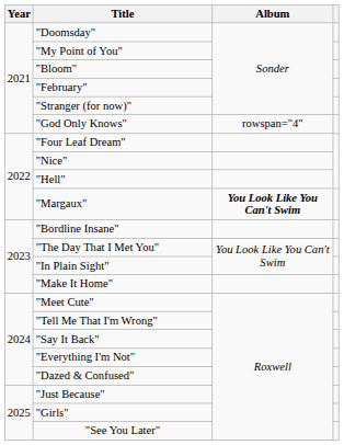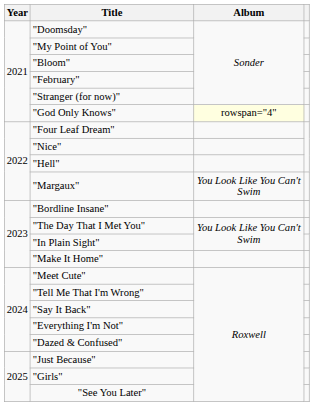 <table class="wikitable plainrowheaders" style="text-align:center;">
 <tr>
 <th scope="col" rowspan="1" style="width:1em;">Year</th>
 <th scope="col" rowspan="1" style="width:15em;">Title</th>
 <th scope="col" rowspan="1" style="width:10em;">Album</th>
 <th class="unsortable"></th>
 </tr>
 <tr>
 <td rowspan="6">2021</td>
 <td style="text-align:left;">"Doomsday"</td>
 <td rowspan="5"><em>Sonder</em></td>
 <td></td>
 </tr>
 <tr>
 <td style="text-align:left;">"My Point of You"</td>
 <td></td>
 </tr>
 <tr>
 <td style="text-align:left;">"Bloom"</td>
 <td></td>
 </tr>
 <tr>
 <td style="text-align:left;">"February"</td>
 <td></td>
 </tr>
 <tr>
 <td style="text-align:left;">"Stranger (for now)"</td>
 <td></td>
 </tr>
 <tr>
 <td style="text-align:left;">"God Only Knows"</td>
-<td>rowspan="4" </td>
+<td style="background: lightyellow;">rowspan="4" </td>
 <td></td>
 </tr>
 <tr>
 <td rowspan="4">2022</td>
 <td style="text-align:left;">"Four Leaf Dream"</td>
 <td></td>
 </tr>
 <tr>
 <td style="text-align:left;">"Nice"</td>
 <td></td>
 </tr>
 <tr>
 <td style="text-align:left;">"Hell"</td>
 <td></td>
 </tr>
 <tr>
 <td style="text-align:left;">"Margaux"</td>
-<td><strong><em>You Look Like You Can't Swim</em></strong></td>
+<td><em>You Look Like You Can't Swim</em></td>
 <td></td>
 </tr>
 <tr>
 <td rowspan="4">2023</td>
 <td style="text-align:left;">"Bordline Insane" </td>
 <td></td>
 <td></td>
 </tr>
 <tr>
 <td style="text-align:left;">"The Day That I Met You"</td>
 <td rowspan="2"><em>You Look Like You Can't Swim</em></td>
 <td></td>
 </tr>
 <tr>
 <td style="text-align:left;">"In Plain Sight"</td>
 <td></td>
 </tr>
 <tr>
 <td style="text-align:left;">"Make It Home"</td>
 <td></td>
 <td></td>
 </tr>
 <tr>
 <td rowspan="5">2024</td>
 <td style="text-align:left;">"Meet Cute"</td>
 <td rowspan="8"><em>Roxwell</em></td>
 <td></td>
 </tr>
 <tr>
 <td style="text-align:left;">"Tell Me That I'm Wrong"</td>
 <td></td>
 </tr>
 <tr>
 <td style="text-align:left;">"Say It Back"</td>
 <td></td>
 </tr>
 <tr>
 <td style="text-align:left;">"Everything I'm Not"</td>
 <td></td>
 </tr>
 <tr>
 <td style="text-align:left;">"Dazed & Confused"</td>
 <td></td>
 </tr>
 <tr>
 <td rowspan="3">2025</td>
 <td style="text-align:left;">"Just Because"</td>
 <td></td>
 </tr>
 <tr>
 <td style="text-align:left;">"Girls"</td>
 <td></td>
 </tr>
 <tr>
 <td>"See You Later"</td>
 <td></td>
 </tr>
 </table>
